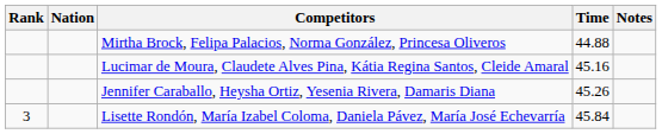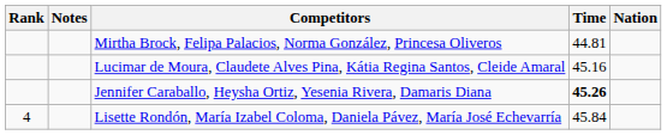 <table class="wikitable sortable" style="text-align:center; font-size:95%">
 <tr>
 <th>Rank</th>
-<th>Nation</th>
+<th>Notes</th>
 <th>Competitors</th>
 <th>Time</th>
-<th>Notes</th>
+<th>Nation</th>
 </tr>
 <tr>
 <td></td>
+<td></td>
+<td align=left><a href='#'>Mirtha Brock</a>, <a href='#'>Felipa Palacios</a>, <a href='#'>Norma González</a>, <a href='#'>Princesa Oliveros</a></td>
+<td>44.81</td>
 <td align=left></td>
-<td align=left><a href='#'>Mirtha Brock</a>, <a href='#'>Felipa Palacios</a>, <a href='#'>Norma González</a>, <a href='#'>Princesa Oliveros</a></td>
-<td>44.88</td>
-<td></td>
 </tr>
 <tr>
 <td></td>
-<td align=left></td>
+<td></td>
 <td align=left><a href='#'>Lucimar de Moura</a>, <a href='#'>Claudete Alves Pina</a>, <a href='#'>Kátia Regina Santos</a>, <a href='#'>Cleide Amaral</a></td>
 <td>45.16</td>
-<td></td>
+<td align=left></td>
 </tr>
 <tr>
 <td></td>
+<td></td>
+<td align=left><a href='#'>Jennifer Caraballo</a>, <a href='#'>Heysha Ortiz</a>, <a href='#'>Yesenia Rivera</a>, <a href='#'>Damaris Diana</a></td>
+<td><strong>45.26</strong></td>
 <td align=left></td>
-<td align=left><a href='#'>Jennifer Caraballo</a>, <a href='#'>Heysha Ortiz</a>, <a href='#'>Yesenia Rivera</a>, <a href='#'>Damaris Diana</a></td>
-<td>45.26</td>
-<td></td>
 </tr>
 <tr>
-<td>3</td>
-<td align=left></td>
+<td>4</td>
+<td></td>
 <td align=left><a href='#'>Lisette Rondón</a>, <a href='#'>María Izabel Coloma</a>, <a href='#'>Daniela Pávez</a>, <a href='#'>María José Echevarría</a></td>
 <td>45.84</td>
-<td></td>
+<td align=left></td>
 </tr>
 </table>
